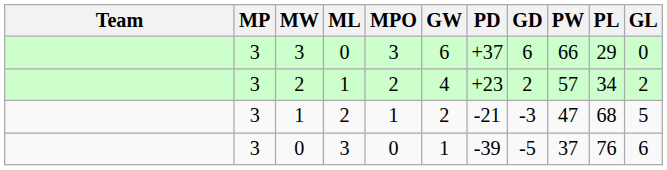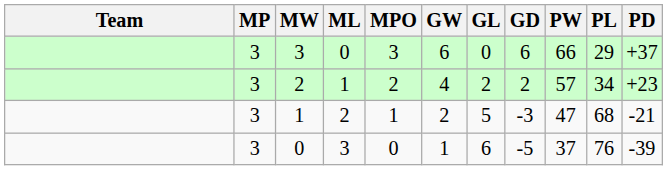 <table class=wikitable style="text-align:center">
 <tr>
 <th width=175>Team</th>
 <th width=20>MP</th>
 <th width=20>MW</th>
 <th width=20>ML</th>
 <th width=20>MPO</th>
 <th width=20>GW</th>
-<th width=20>PD</th>
+<th width=20>GL</th>
 <th width=20>GD</th>
 <th width=20>PW</th>
 <th width=20>PL</th>
-<th width=20>GL</th>
+<th width=20>PD</th>
 </tr>
 <tr style="background:#cfc;">
 <td align=left><strong><br></strong></td>
 <td>3</td>
 <td>3</td>
 <td>0</td>
 <td>3</td>
 <td>6</td>
-<td>+37</td>
+<td>0</td>
 <td>6</td>
 <td>66</td>
 <td>29</td>
-<td>0</td>
+<td>+37</td>
 </tr>
 <tr style="background:#cfc;">
 <td align=left><strong><br></strong></td>
 <td>3</td>
 <td>2</td>
 <td>1</td>
 <td>2</td>
 <td>4</td>
-<td>+23</td>
+<td>2</td>
 <td>2</td>
 <td>57</td>
 <td>34</td>
-<td>2</td>
+<td>+23</td>
 </tr>
 <tr>
 <td align=left><br></td>
 <td>3</td>
 <td>1</td>
 <td>2</td>
 <td>1</td>
 <td>2</td>
-<td>-21</td>
+<td>5</td>
 <td>-3</td>
 <td>47</td>
 <td>68</td>
-<td>5</td>
+<td>-21</td>
 </tr>
 <tr>
 <td align=left><br></td>
 <td>3</td>
 <td>0</td>
 <td>3</td>
 <td>0</td>
 <td>1</td>
-<td>-39</td>
+<td>6</td>
 <td>-5</td>
 <td>37</td>
 <td>76</td>
-<td>6</td>
+<td>-39</td>
 </tr>
 </table>
